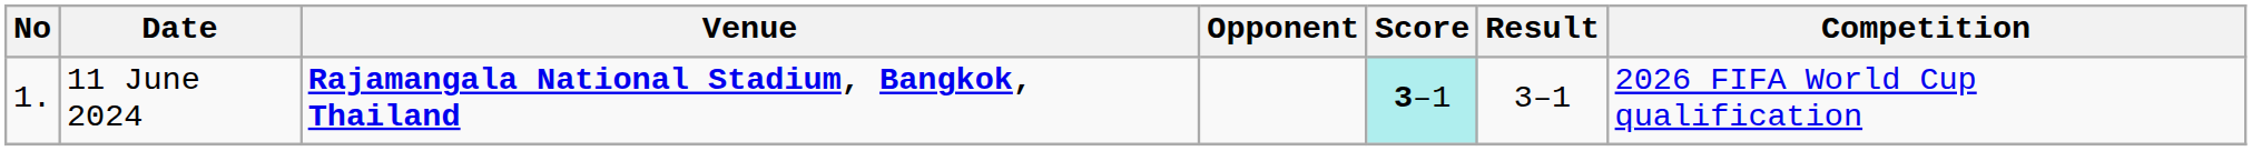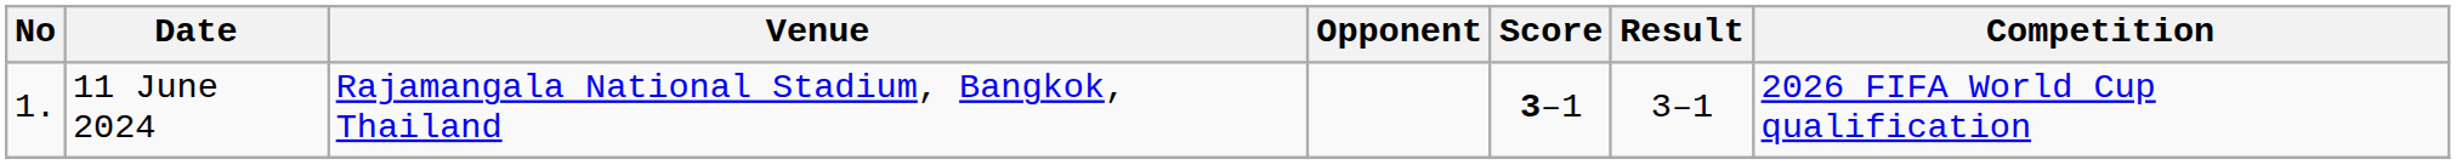 <table class="wikitable" style="font-size:95%;">
 <tr>
 <th>No</th>
 <th>Date</th>
 <th>Venue</th>
 <th>Opponent</th>
 <th>Score</th>
 <th>Result</th>
 <th>Competition</th>
 </tr>
 <tr>
 <td>1.</td>
 <td>11 June 2024</td>
-<td><strong><a href='#'>Rajamangala National Stadium</a>, <a href='#'>Bangkok</a>, <a href='#'>Thailand</a></strong></td>
+<td><a href='#'>Rajamangala National Stadium</a>, <a href='#'>Bangkok</a>, <a href='#'>Thailand</a></td>
 <td></td>
-<td align=center style="background: paleturquoise;"><strong>3</strong>–1</td>
+<td align=center><strong>3</strong>–1</td>
 <td align=center>3–1</td>
 <td><a href='#'>2026 FIFA World Cup qualification</a></td>
 </tr>
 <tr>
 </tr>
 </table>
